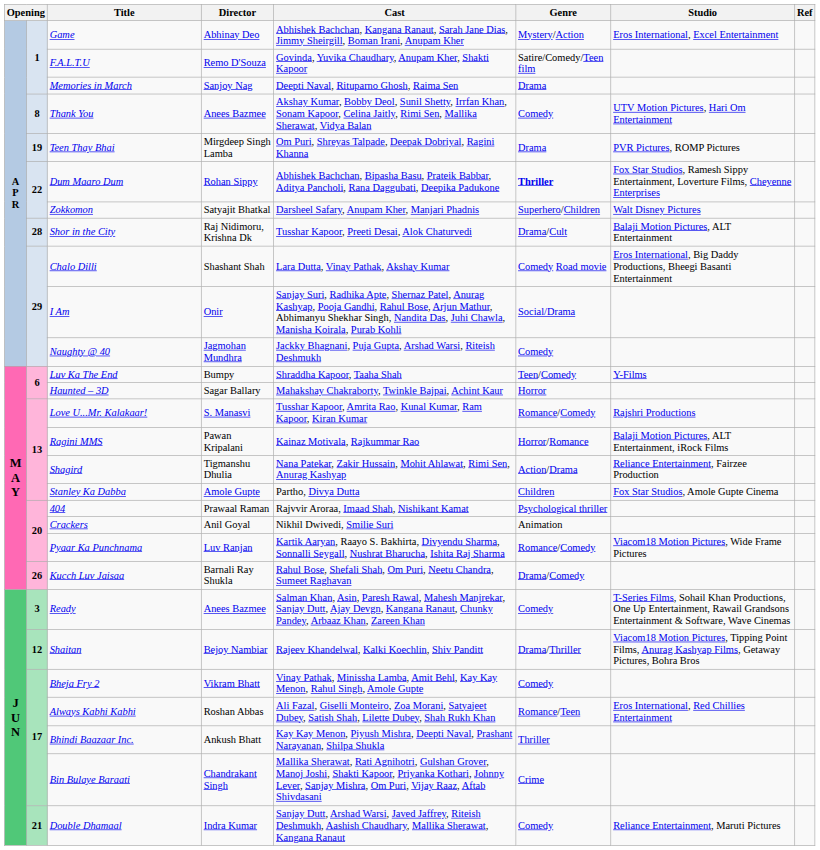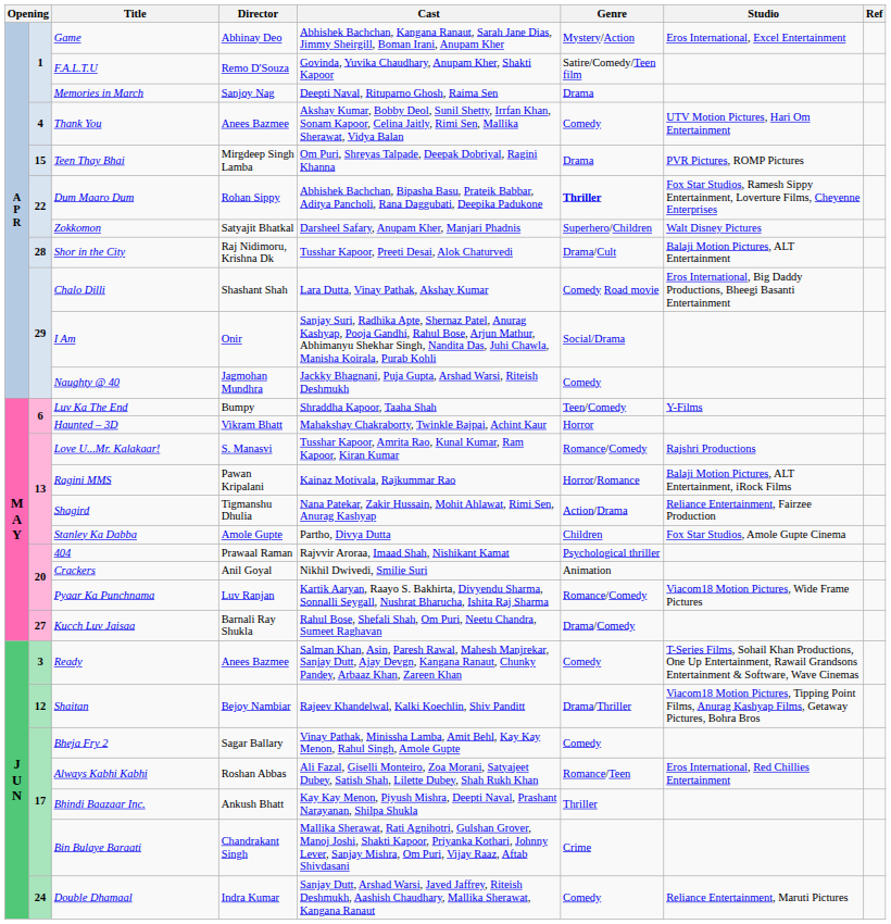 <table class="wikitable sortable">
 <tr style="background:#b0e0e66; text-align:center;">
 <th colspan="2">Opening</th>
 <th style="width:19%;">Title</th>
 <th>Director</th>
 <th>Cast</th>
 <th>Genre</th>
 <th>Studio</th>
 <th>Ref</th>
 </tr>
 <tr>
 <td rowspan="11"   style="text-align:center; background:#b4cae3;"><strong>A<br>P<br>R</strong></td>
 <td rowspan="3" style="text-align:center; background:#d9e4f1; textcolor:#000;"><strong>1</strong></td>
 <td><em><a href='#'>Game</a></em></td>
 <td><a href='#'>Abhinay Deo</a></td>
 <td><a href='#'>Abhishek Bachchan</a>, <a href='#'>Kangana Ranaut</a>, <a href='#'>Sarah Jane Dias</a>, <a href='#'>Jimmy Sheirgill</a>, <a href='#'>Boman Irani</a>, <a href='#'>Anupam Kher</a></td>
 <td><a href='#'>Mystery</a>/<a href='#'>Action</a></td>
 <td><a href='#'>Eros International</a>, <a href='#'>Excel Entertainment</a></td>
 <td></td>
 </tr>
 <tr>
 <td><em><a href='#'>F.A.L.T.U</a></em></td>
 <td><a href='#'>Remo D'Souza</a></td>
 <td><a href='#'>Govinda</a>, <a href='#'>Yuvika Chaudhary</a>, <a href='#'>Anupam Kher</a>, <a href='#'>Shakti Kapoor</a></td>
 <td>Satire/Comedy/<a href='#'>Teen film</a></td>
 <td></td>
 <td></td>
 </tr>
 <tr>
 <td><em><a href='#'>Memories in March</a></em></td>
 <td><a href='#'>Sanjoy Nag</a></td>
 <td><a href='#'>Deepti Naval</a>, <a href='#'>Rituparno Ghosh</a>, <a href='#'>Raima Sen</a></td>
 <td><a href='#'>Drama</a></td>
 <td></td>
 <td></td>
 </tr>
 <tr>
-<td style="text-align:center; background:#d9e4f1; textcolor:#000;"><strong>8</strong></td>
+<td style="text-align:center; background:#d9e4f1; textcolor:#000;"><strong>4</strong></td>
 <td><em><a href='#'>Thank You</a></em></td>
 <td><a href='#'>Anees Bazmee</a></td>
 <td><a href='#'>Akshay Kumar</a>, <a href='#'>Bobby Deol</a>, <a href='#'>Sunil Shetty</a>, <a href='#'>Irrfan Khan</a>, <a href='#'>Sonam Kapoor</a>, <a href='#'>Celina Jaitly</a>, <a href='#'>Rimi Sen</a>, <a href='#'>Mallika Sherawat</a>, <a href='#'>Vidya Balan</a></td>
 <td><a href='#'>Comedy</a></td>
 <td><a href='#'>UTV Motion Pictures</a>, <a href='#'>Hari Om Entertainment</a></td>
 <td></td>
 </tr>
 <tr>
-<td style="text-align:center; background:#d9e4f1; textcolor:#000;"><strong>19</strong></td>
+<td style="text-align:center; background:#d9e4f1; textcolor:#000;"><strong>15</strong></td>
 <td><em><a href='#'>Teen Thay Bhai</a></em></td>
 <td>Mirgdeep Singh Lamba</td>
 <td><a href='#'>Om Puri</a>, <a href='#'>Shreyas Talpade</a>, <a href='#'>Deepak Dobriyal</a>, <a href='#'>Ragini Khanna</a></td>
 <td><a href='#'>Drama</a></td>
 <td><a href='#'>PVR Pictures</a>, ROMP Pictures</td>
 <td></td>
 </tr>
 <tr>
 <td rowspan="2" style="text-align:center;background:#d9e4f1; textcolor:#000;"><strong>22</strong></td>
 <td><em><a href='#'>Dum Maaro Dum</a></em></td>
 <td><a href='#'>Rohan Sippy</a></td>
 <td><a href='#'>Abhishek Bachchan</a>, <a href='#'>Bipasha Basu</a>, <a href='#'>Prateik Babbar</a>, <a href='#'>Aditya Pancholi</a>, <a href='#'>Rana Daggubati</a>, <a href='#'>Deepika Padukone</a></td>
 <td><strong><a href='#'>Thriller</a></strong></td>
 <td><a href='#'>Fox Star Studios</a>, Ramesh Sippy Entertainment, Loverture Films, <a href='#'>Cheyenne Enterprises</a></td>
 <td></td>
 </tr>
 <tr>
 <td><em><a href='#'>Zokkomon</a></em></td>
 <td>Satyajit Bhatkal</td>
 <td><a href='#'>Darsheel Safary</a>, <a href='#'>Anupam Kher</a>, <a href='#'>Manjari Phadnis</a></td>
 <td><a href='#'>Superhero</a>/<a href='#'>Children</a></td>
 <td><a href='#'>Walt Disney Pictures</a></td>
 <td></td>
 </tr>
 <tr>
 <td style="text-align:center; background:#d9e4f1; textcolor:#000;"><strong>28</strong></td>
 <td><em><a href='#'>Shor in the City</a></em></td>
 <td>Raj Nidimoru, Krishna Dk</td>
 <td><a href='#'>Tusshar Kapoor</a>, <a href='#'>Preeti Desai</a>, <a href='#'>Alok Chaturvedi</a></td>
 <td><a href='#'>Drama</a>/<a href='#'>Cult</a></td>
 <td><a href='#'>Balaji Motion Pictures</a>, ALT Entertainment</td>
 <td></td>
 </tr>
 <tr>
 <td rowspan="3" style="text-align:center;background:#d9e4f1; textcolor:#000;"><strong>29</strong></td>
 <td><em><a href='#'>Chalo Dilli</a></em></td>
 <td>Shashant Shah</td>
 <td><a href='#'>Lara Dutta</a>, <a href='#'>Vinay Pathak</a>, <a href='#'>Akshay Kumar</a></td>
 <td><a href='#'>Comedy</a> <a href='#'>Road movie</a></td>
 <td><a href='#'>Eros International</a>, Big Daddy Productions, Bheegi Basanti Entertainment</td>
 <td></td>
 </tr>
 <tr>
 <td><em><a href='#'>I Am</a></em></td>
 <td><a href='#'>Onir</a></td>
 <td><a href='#'>Sanjay Suri</a>, <a href='#'>Radhika Apte</a>, <a href='#'>Shernaz Patel</a>, <a href='#'>Anurag Kashyap</a>, <a href='#'>Pooja Gandhi</a>, <a href='#'>Rahul Bose</a>, <a href='#'>Arjun Mathur</a>, Abhimanyu Shekhar Singh, <a href='#'>Nandita Das</a>, <a href='#'>Juhi Chawla</a>, <a href='#'>Manisha Koirala</a>, <a href='#'>Purab Kohli</a></td>
 <td><a href='#'>Social/Drama</a></td>
 <td></td>
 <td></td>
 </tr>
 <tr>
 <td><em><a href='#'>Naughty @ 40</a></em></td>
 <td><a href='#'>Jagmohan Mundhra</a></td>
 <td><a href='#'>Jackky Bhagnani</a>, <a href='#'>Puja Gupta</a>, <a href='#'>Arshad Warsi</a>, <a href='#'>Riteish Deshmukh</a></td>
 <td><a href='#'>Comedy</a></td>
 <td></td>
 <td></td>
 </tr>
 <tr>
 <td rowspan="10" style="text-align:center; background:hotPink; textcolor:#000;"><big><strong>M<br>A<br>Y</strong></big></td>
 <td rowspan="2" style="text-align:center;background:#ffb5da; textcolor:#000;"><strong>6</strong></td>
 <td><em><a href='#'>Luv Ka The End</a></em></td>
 <td>Bumpy</td>
 <td><a href='#'>Shraddha Kapoor</a>, <a href='#'>Taaha Shah</a></td>
 <td><a href='#'>Teen</a>/<a href='#'>Comedy</a></td>
 <td><a href='#'>Y-Films</a></td>
 <td></td>
 </tr>
 <tr>
 <td><em><a href='#'>Haunted – 3D</a></em></td>
-<td>Sagar Ballary</td>
+<td><a href='#'>Vikram Bhatt</a></td>
 <td><a href='#'>Mahakshay Chakraborty</a>, <a href='#'>Twinkle Bajpai</a>, <a href='#'>Achint Kaur</a></td>
 <td><a href='#'>Horror</a></td>
 <td></td>
 <td></td>
 </tr>
 <tr>
 <td rowspan="4" style="text-align:center;background:#ffb5da; textcolor:#000;"><strong>13</strong></td>
 <td><em><a href='#'>Love U...Mr. Kalakaar!</a></em></td>
 <td><a href='#'>S. Manasvi</a></td>
 <td><a href='#'>Tusshar Kapoor</a>, <a href='#'>Amrita Rao</a>, <a href='#'>Kunal Kumar</a>, <a href='#'>Ram Kapoor</a>, <a href='#'>Kiran Kumar</a></td>
 <td><a href='#'>Romance</a>/<a href='#'>Comedy</a></td>
 <td><a href='#'>Rajshri Productions</a></td>
 <td></td>
 </tr>
 <tr>
 <td><em><a href='#'>Ragini MMS</a></em></td>
 <td>Pawan Kripalani</td>
 <td><a href='#'>Kainaz Motivala</a>, <a href='#'>Rajkummar Rao</a></td>
 <td><a href='#'>Horror</a>/<a href='#'>Romance</a></td>
 <td><a href='#'>Balaji Motion Pictures</a>, ALT Entertainment, iRock Films</td>
 <td></td>
 </tr>
 <tr>
 <td><em><a href='#'>Shagird</a></em></td>
 <td>Tigmanshu Dhulia</td>
 <td><a href='#'>Nana Patekar</a>, <a href='#'>Zakir Hussain</a>, <a href='#'>Mohit Ahlawat</a>, <a href='#'>Rimi Sen</a>, <a href='#'>Anurag Kashyap</a></td>
 <td><a href='#'>Action</a>/<a href='#'>Drama</a></td>
 <td><a href='#'>Reliance Entertainment</a>, Fairzee Production</td>
 <td></td>
 </tr>
 <tr>
 <td><em><a href='#'>Stanley Ka Dabba</a></em></td>
 <td><a href='#'>Amole Gupte</a></td>
 <td>Partho, <a href='#'>Divya Dutta</a></td>
 <td><a href='#'>Children</a></td>
 <td><a href='#'>Fox Star Studios</a>, Amole Gupte Cinema</td>
 <td></td>
 </tr>
 <tr>
 <td rowspan="3" style="text-align:center;background:#ffb5da; textcolor:#000;"><strong>20</strong></td>
 <td><em><a href='#'>404</a></em></td>
 <td>Prawaal Raman</td>
 <td>Rajvvir Aroraa, <a href='#'>Imaad Shah</a>, <a href='#'>Nishikant Kamat</a></td>
 <td><a href='#'>Psychological thriller</a></td>
 <td></td>
 <td></td>
 </tr>
 <tr>
 <td><em><a href='#'>Crackers</a></em></td>
 <td>Anil Goyal</td>
 <td>Nikhil Dwivedi, <a href='#'>Smilie Suri</a></td>
 <td>Animation</td>
 <td></td>
 <td></td>
 </tr>
 <tr>
 <td><em><a href='#'>Pyaar Ka Punchnama</a></em></td>
 <td><a href='#'>Luv Ranjan</a></td>
 <td><a href='#'>Kartik Aaryan</a>, Raayo S. Bakhirta, <a href='#'>Divyendu Sharma</a>, <a href='#'>Sonnalli Seygall</a>, <a href='#'>Nushrat Bharucha</a>, <a href='#'>Ishita Raj Sharma</a></td>
 <td><a href='#'>Romance</a>/<a href='#'>Comedy</a></td>
 <td><a href='#'>Viacom18 Motion Pictures</a>, Wide Frame Pictures</td>
 <td></td>
 </tr>
 <tr>
-<td style="text-align:center; background:#ffb5da; textcolor:#000;"><strong>26</strong></td>
+<td style="text-align:center; background:#ffb5da; textcolor:#000;"><strong>27</strong></td>
 <td><em><a href='#'>Kucch Luv Jaisaa</a></em></td>
 <td>Barnali Ray Shukla</td>
 <td><a href='#'>Rahul Bose</a>, <a href='#'>Shefali Shah</a>, <a href='#'>Om Puri</a>, <a href='#'>Neetu Chandra</a>, <a href='#'>Sumeet Raghavan</a></td>
 <td><a href='#'>Drama</a>/<a href='#'>Comedy</a></td>
 <td></td>
 <td></td>
 </tr>
 <tr>
 <td rowspan="7"   style="text-align:center; background:#50c878; textcolor:#000;"><big><strong>J<br>U<br>N</strong></big></td>
 <td style="text-align:center; background:#a8e4bc; textcolor:#000;"><strong>3</strong></td>
 <td><em><a href='#'>Ready</a></em></td>
 <td><a href='#'>Anees Bazmee</a></td>
 <td><a href='#'>Salman Khan</a>, <a href='#'>Asin</a>, <a href='#'>Paresh Rawal</a>, <a href='#'>Mahesh Manjrekar</a>, <a href='#'>Sanjay Dutt</a>, <a href='#'>Ajay Devgn</a>, <a href='#'>Kangana Ranaut</a>, <a href='#'>Chunky Pandey</a>, <a href='#'>Arbaaz Khan</a>, <a href='#'>Zareen Khan</a></td>
 <td><a href='#'>Comedy</a></td>
 <td><a href='#'>T-Series Films</a>, Sohail Khan Productions, One Up Entertainment, Rawail Grandsons Entertainment & Software, Wave Cinemas</td>
 <td></td>
 </tr>
 <tr>
 <td style="text-align:center; background:#a8e4bc; textcolor:#000;"><strong>12</strong></td>
 <td><em><a href='#'>Shaitan</a></em></td>
 <td><a href='#'>Bejoy Nambiar</a></td>
 <td><a href='#'>Rajeev Khandelwal</a>, <a href='#'>Kalki Koechlin</a>, <a href='#'>Shiv Panditt</a></td>
 <td><a href='#'>Drama</a>/<a href='#'>Thriller</a></td>
 <td><a href='#'>Viacom18 Motion Pictures</a>, Tipping Point Films, <a href='#'>Anurag Kashyap Films</a>, Getaway Pictures, Bohra Bros</td>
 <td></td>
 </tr>
 <tr>
 <td rowspan="4" style="text-align:center;background:#a8e4bc; textcolor:#000;"><strong>17</strong></td>
 <td><em><a href='#'>Bheja Fry 2</a></em></td>
-<td><a href='#'>Vikram Bhatt</a></td>
+<td>Sagar Ballary</td>
 <td><a href='#'>Vinay Pathak</a>, <a href='#'>Minissha Lamba</a>, <a href='#'>Amit Behl</a>, <a href='#'>Kay Kay Menon</a>, <a href='#'>Rahul Singh</a>, <a href='#'>Amole Gupte</a></td>
 <td><a href='#'>Comedy</a></td>
 <td></td>
 <td></td>
 </tr>
 <tr>
 <td><em><a href='#'>Always Kabhi Kabhi</a></em></td>
 <td>Roshan Abbas</td>
 <td><a href='#'>Ali Fazal</a>, <a href='#'>Giselli Monteiro</a>, <a href='#'>Zoa Morani</a>, <a href='#'>Satyajeet Dubey</a>, <a href='#'>Satish Shah</a>, <a href='#'>Lilette Dubey</a>, <a href='#'>Shah Rukh Khan</a></td>
 <td><a href='#'>Romance</a>/<a href='#'>Teen</a></td>
 <td><a href='#'>Eros International</a>, <a href='#'>Red Chillies Entertainment</a></td>
 <td></td>
 </tr>
 <tr>
 <td><em><a href='#'>Bhindi Baazaar Inc.</a></em></td>
 <td>Ankush Bhatt</td>
 <td><a href='#'>Kay Kay Menon</a>, <a href='#'>Piyush Mishra</a>, <a href='#'>Deepti Naval</a>, <a href='#'>Prashant Narayanan</a>, <a href='#'>Shilpa Shukla</a></td>
 <td><a href='#'>Thriller</a></td>
 <td></td>
 <td></td>
 </tr>
 <tr>
 <td><em><a href='#'>Bin Bulaye Baraati</a></em></td>
 <td><a href='#'>Chandrakant Singh</a></td>
 <td><a href='#'>Mallika Sherawat</a>, <a href='#'>Rati Agnihotri</a>, <a href='#'>Gulshan Grover</a>, <a href='#'>Manoj Joshi</a>, <a href='#'>Shakti Kapoor</a>, <a href='#'>Priyanka Kothari</a>, <a href='#'>Johnny Lever</a>, <a href='#'>Sanjay Mishra</a>, <a href='#'>Om Puri</a>, <a href='#'>Vijay Raaz</a>, <a href='#'>Aftab Shivdasani</a></td>
 <td><a href='#'>Crime</a></td>
 <td></td>
 <td></td>
 </tr>
 <tr>
-<td style="text-align:center; background:#a8e4bc; textcolor:#000;"><strong>21</strong></td>
+<td style="text-align:center; background:#a8e4bc; textcolor:#000;"><strong>24</strong></td>
 <td><em><a href='#'>Double Dhamaal</a></em></td>
 <td><a href='#'>Indra Kumar</a></td>
 <td><a href='#'>Sanjay Dutt</a>, <a href='#'>Arshad Warsi</a>, <a href='#'>Javed Jaffrey</a>, <a href='#'>Riteish Deshmukh</a>, <a href='#'>Aashish Chaudhary</a>, <a href='#'>Mallika Sherawat</a>, <a href='#'>Kangana Ranaut</a></td>
 <td><a href='#'>Comedy</a></td>
 <td><a href='#'>Reliance Entertainment</a>, Maruti Pictures</td>
 <td></td>
 </tr>
 </table>
